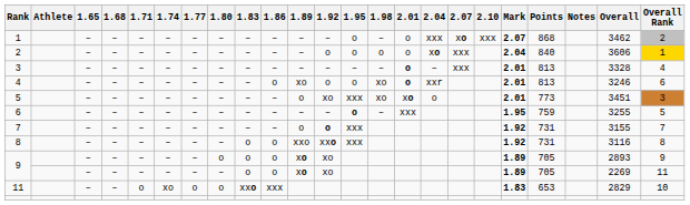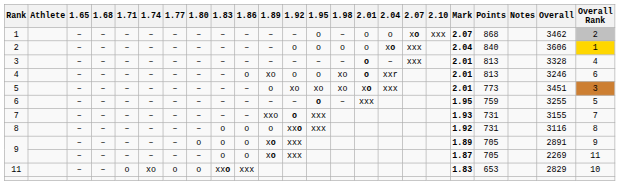 <table class="wikitable sortable" style="text-align:center">
 <tr>
 <th>Rank</th>
 <th>Athlete</th>
 <th class="unsortable">1.65</th>
 <th class="unsortable">1.68</th>
 <th class="unsortable">1.71</th>
 <th class="unsortable">1.74</th>
 <th class="unsortable">1.77</th>
 <th class="unsortable">1.80</th>
 <th class="unsortable">1.83</th>
 <th class="unsortable">1.86</th>
 <th class="unsortable">1.89</th>
 <th class="unsortable">1.92</th>
 <th class="unsortable">1.95</th>
 <th class="unsortable">1.98</th>
 <th class="unsortable">2.01</th>
 <th class="unsortable">2.04</th>
 <th class="unsortable">2.07</th>
 <th class="unsortable">2.10</th>
 <th>Mark</th>
 <th>Points</th>
 <th>Notes</th>
 <th>Overall</th>
 <th>Overall Rank</th>
 </tr>
 <tr>
 <td>1</td>
 <td align="left"></td>
 <td>–</td>
 <td>–</td>
 <td>–</td>
 <td>–</td>
 <td>–</td>
 <td>–</td>
 <td>–</td>
 <td>–</td>
 <td>–</td>
 <td>–</td>
 <td>o</td>
 <td>–</td>
 <td>o</td>
-<td>xxx</td>
+<td>o</td>
 <td>x<strong>o</strong></td>
 <td>xxx</td>
 <td><strong>2.07</strong></td>
 <td>868</td>
 <td></td>
 <td>3462</td>
 <td style="background-color:#c0c0c0">2</td>
 </tr>
 <tr>
 <td>2</td>
 <td align="left"></td>
 <td>–</td>
 <td>–</td>
 <td>–</td>
 <td>–</td>
 <td>–</td>
 <td>–</td>
 <td>–</td>
 <td>–</td>
 <td>–</td>
 <td>o</td>
 <td>o</td>
 <td>o</td>
 <td>o</td>
 <td>x<strong>o</strong></td>
 <td>xxx</td>
 <td></td>
 <td><strong>2.04</strong></td>
 <td>840</td>
 <td></td>
 <td>3606</td>
 <td style="background-color:#ffd700">1</td>
 </tr>
 <tr>
 <td>3</td>
 <td align="left"></td>
 <td>–</td>
 <td>–</td>
 <td>–</td>
 <td>–</td>
 <td>–</td>
 <td>–</td>
 <td>–</td>
 <td>–</td>
 <td>–</td>
 <td>–</td>
 <td>–</td>
 <td>–</td>
 <td><strong>o</strong></td>
 <td>–</td>
 <td>xxx</td>
 <td></td>
 <td><strong>2.01</strong></td>
 <td>813</td>
 <td></td>
 <td>3328</td>
 <td>4</td>
 </tr>
 <tr>
 <td>4</td>
 <td align="left"></td>
 <td>–</td>
 <td>–</td>
 <td>–</td>
 <td>–</td>
 <td>–</td>
 <td>–</td>
 <td>–</td>
 <td>o</td>
 <td>xo</td>
 <td>o</td>
 <td>o</td>
 <td>xo</td>
 <td><strong>o</strong></td>
 <td>xxr</td>
 <td></td>
 <td></td>
 <td><strong>2.01</strong></td>
 <td>813</td>
 <td></td>
 <td>3246</td>
 <td>6</td>
 </tr>
 <tr>
 <td>5</td>
 <td align="left"></td>
 <td>–</td>
 <td>–</td>
 <td>–</td>
 <td>–</td>
 <td>–</td>
 <td>–</td>
 <td>–</td>
 <td>–</td>
 <td>o</td>
 <td>xo</td>
-<td>xxx</td>
+<td>xo</td>
 <td>xo</td>
 <td>x<strong>o</strong></td>
-<td>o</td>
+<td>xxx</td>
 <td></td>
 <td></td>
 <td><strong>2.01</strong></td>
 <td>773</td>
 <td></td>
 <td>3451</td>
 <td style="background-color:#cd7f32">3</td>
 </tr>
 <tr>
 <td>6</td>
 <td align="left"></td>
 <td>–</td>
 <td>–</td>
 <td>–</td>
 <td>–</td>
 <td>–</td>
 <td>–</td>
 <td>–</td>
 <td>–</td>
 <td>–</td>
 <td>–</td>
 <td><strong>o</strong></td>
 <td>–</td>
 <td>xxx</td>
 <td></td>
 <td></td>
 <td></td>
 <td><strong>1.95</strong></td>
 <td>759</td>
 <td></td>
 <td>3255</td>
 <td>5</td>
 </tr>
 <tr>
 <td>7</td>
 <td align="left"></td>
 <td>–</td>
 <td>–</td>
 <td>–</td>
 <td>–</td>
 <td>–</td>
 <td>–</td>
 <td>–</td>
 <td>–</td>
-<td>o</td>
+<td>xxo</td>
 <td><strong>o</strong></td>
 <td>xxx</td>
 <td></td>
 <td></td>
 <td></td>
 <td></td>
 <td></td>
-<td><strong>1.92</strong></td>
+<td><strong>1.93</strong></td>
 <td>731</td>
 <td></td>
 <td>3155</td>
 <td>7</td>
 </tr>
 <tr>
 <td>8</td>
 <td align="left"></td>
 <td>–</td>
 <td>–</td>
 <td>–</td>
 <td>–</td>
 <td>–</td>
 <td>–</td>
 <td>o</td>
 <td>o</td>
-<td>xxo</td>
+<td>o</td>
 <td>xx<strong>o</strong></td>
 <td>xxx</td>
 <td></td>
 <td></td>
 <td></td>
 <td></td>
 <td></td>
 <td><strong>1.92</strong></td>
 <td>731</td>
 <td></td>
 <td>3116</td>
 <td>8</td>
 </tr>
 <tr>
 <td rowspan=2>9</td>
 <td align="left"></td>
 <td>–</td>
 <td>–</td>
 <td>–</td>
 <td>–</td>
 <td>–</td>
 <td>o</td>
 <td>o</td>
 <td>o</td>
 <td>x<strong>o</strong></td>
-<td>xo</td>
+<td>xxx</td>
 <td></td>
 <td></td>
 <td></td>
 <td></td>
 <td></td>
 <td></td>
 <td><strong>1.89</strong></td>
 <td>705</td>
 <td></td>
-<td>2893</td>
+<td>2891</td>
 <td>9</td>
 </tr>
 <tr>
 <td align="left"></td>
 <td>–</td>
 <td>–</td>
 <td>–</td>
 <td>–</td>
 <td>–</td>
 <td>–</td>
 <td>o</td>
 <td>o</td>
 <td>x<strong>o</strong></td>
-<td>xo</td>
+<td>xxx</td>
 <td></td>
 <td></td>
 <td></td>
 <td></td>
 <td></td>
 <td></td>
-<td><strong>1.89</strong></td>
+<td><strong>1.87</strong></td>
 <td>705</td>
 <td></td>
 <td>2269</td>
 <td>11</td>
 </tr>
 <tr>
 <td>11</td>
 <td align="left"></td>
 <td>–</td>
 <td>–</td>
 <td>o</td>
 <td>xo</td>
 <td>o</td>
 <td>o</td>
 <td>xx<strong>o</strong></td>
 <td>xxx</td>
 <td></td>
 <td></td>
 <td></td>
 <td></td>
 <td></td>
 <td></td>
 <td></td>
 <td></td>
 <td><strong>1.83</strong></td>
 <td>653</td>
 <td></td>
 <td>2829</td>
 <td>10</td>
 </tr>
 <tr>
 <td></td>
 <td align="left"></td>
 <td></td>
 <td></td>
 <td></td>
 <td></td>
 <td></td>
 <td></td>
 <td></td>
 <td></td>
 <td></td>
 <td></td>
 <td></td>
 <td></td>
 <td></td>
 <td></td>
 <td></td>
 <td></td>
 <td></td>
 <td></td>
 <td></td>
 <td></td>
 <td></td>
 </tr>
 </table>
